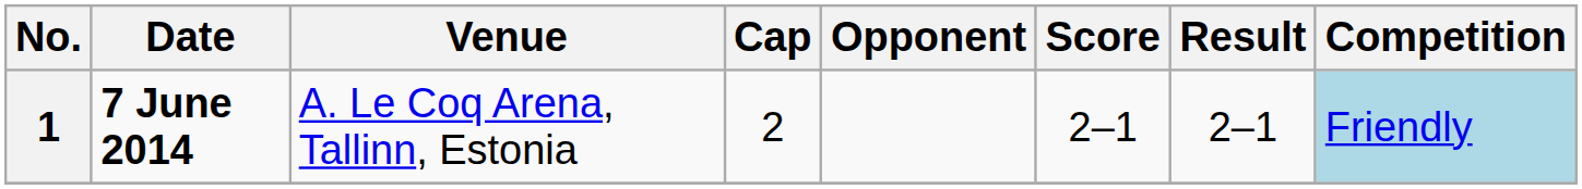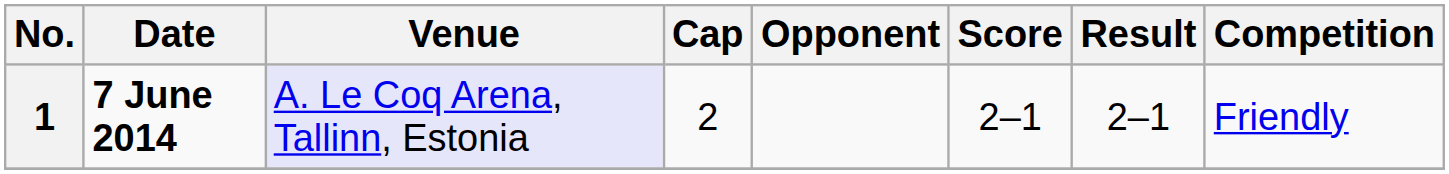 <table class="wikitable sortable plainrowheaders">
 <tr>
 <th scope=col>No.</th>
 <th scope=col data-sort-type=date>Date</th>
 <th scope=col>Venue</th>
 <th scope=col>Cap</th>
 <th scope=col>Opponent</th>
 <th scope=col>Score</th>
 <th scope=col>Result</th>
 <th scope=col>Competition</th>
 </tr>
 <tr>
 <th scope=row>1</th>
 <td><strong>7 June 2014</strong></td>
-<td><a href='#'>A. Le Coq Arena</a>, <a href='#'>Tallinn</a>, Estonia</td>
+<td style="background: lavender;"><a href='#'>A. Le Coq Arena</a>, <a href='#'>Tallinn</a>, Estonia</td>
 <td align=center>2</td>
 <td></td>
 <td align=center>2–1</td>
 <td align=center>2–1</td>
-<td style="background: lightblue;"><a href='#'>Friendly</a></td>
+<td><a href='#'>Friendly</a></td>
 </tr>
 <tr>
 </tr>
 </table>
